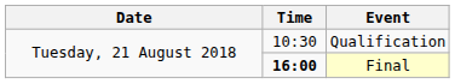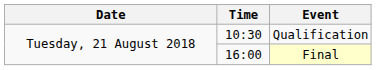 <table class = "wikitable" style="text-align:center;">
 <tr>
 <th width=220>Date</th>
 <th width=50>Time</th>
 <th width=100>Event</th>
 </tr>
 <tr>
 <td rowspan=2>Tuesday, 21 August 2018</td>
 <td>10:30</td>
 <td>Qualification</td>
 </tr>
 <tr>
-<td><strong>16:00</strong></td>
+<td>16:00</td>
 <td bgcolor=ffffcc>Final</td>
 </tr>
 </table>
